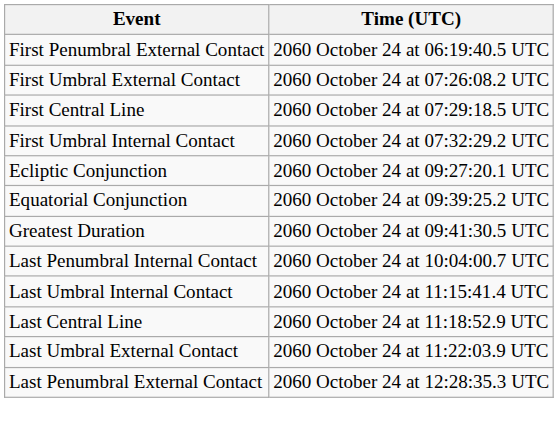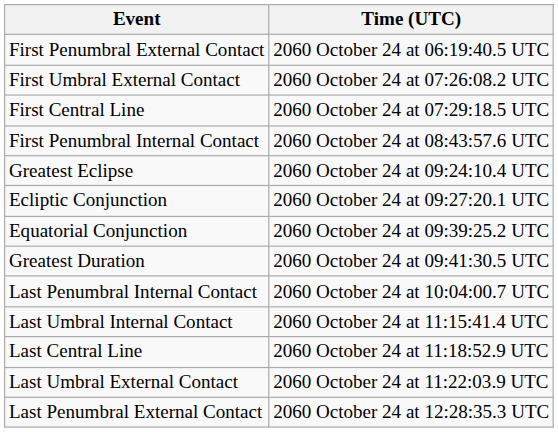 <table class="wikitable">
 <tr>
 <th>Event</th>
 <th>Time (UTC)</th>
 </tr>
 <tr>
 <td>First Penumbral External Contact</td>
 <td>2060 October 24 at 06:19:40.5 UTC</td>
 </tr>
 <tr>
 <td>First Umbral External Contact</td>
 <td>2060 October 24 at 07:26:08.2 UTC</td>
 </tr>
 <tr>
 <td>First Central Line</td>
 <td>2060 October 24 at 07:29:18.5 UTC</td>
 </tr>
 <tr>
-<td>First Umbral Internal Contact</td>
-<td>2060 October 24 at 07:32:29.2 UTC</td>
+<td>First Penumbral Internal Contact</td>
+<td>2060 October 24 at 08:43:57.6 UTC</td>
+</tr>
+<tr>
+<td>Greatest Eclipse</td>
+<td>2060 October 24 at 09:24:10.4 UTC</td>
 </tr>
 <tr>
 <td>Ecliptic Conjunction</td>
 <td>2060 October 24 at 09:27:20.1 UTC</td>
 </tr>
 <tr>
 <td>Equatorial Conjunction</td>
 <td>2060 October 24 at 09:39:25.2 UTC</td>
 </tr>
 <tr>
 <td>Greatest Duration</td>
 <td>2060 October 24 at 09:41:30.5 UTC</td>
 </tr>
 <tr>
 <td>Last Penumbral Internal Contact</td>
 <td>2060 October 24 at 10:04:00.7 UTC</td>
 </tr>
 <tr>
 <td>Last Umbral Internal Contact</td>
 <td>2060 October 24 at 11:15:41.4 UTC</td>
 </tr>
 <tr>
 <td>Last Central Line</td>
 <td>2060 October 24 at 11:18:52.9 UTC</td>
 </tr>
 <tr>
 <td>Last Umbral External Contact</td>
 <td>2060 October 24 at 11:22:03.9 UTC</td>
 </tr>
 <tr>
 <td>Last Penumbral External Contact</td>
 <td>2060 October 24 at 12:28:35.3 UTC</td>
 </tr>
 </table>
